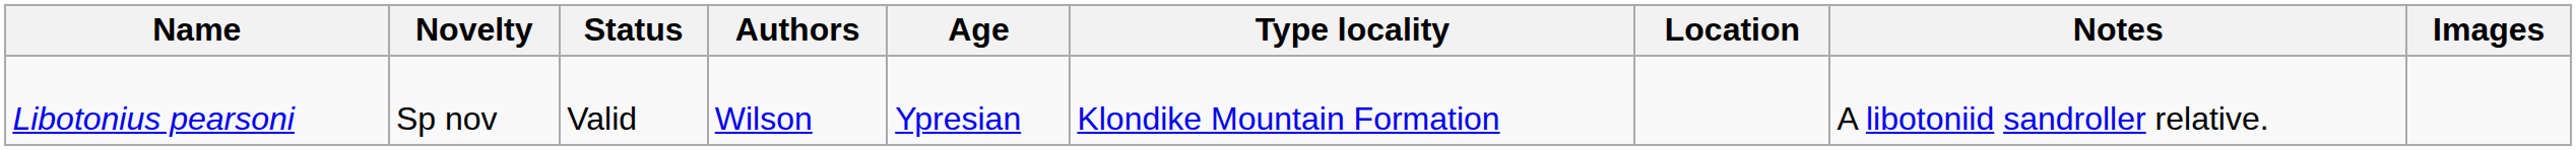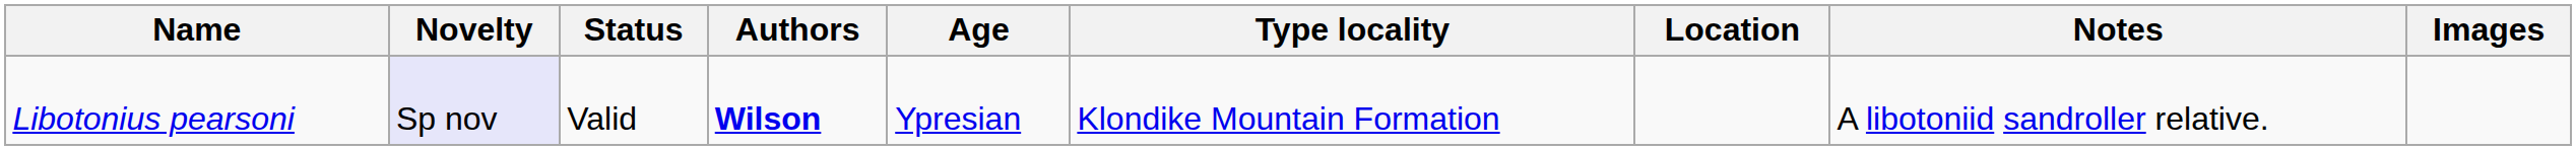 <table class="wikitable sortable" align="center" width="100%">
 <tr>
 <th>Name</th>
 <th>Novelty</th>
 <th>Status</th>
 <th>Authors</th>
 <th>Age</th>
 <th>Type locality</th>
 <th>Location</th>
 <th>Notes</th>
 <th>Images</th>
 </tr>
 <tr>
 <td><br><em><a href='#'>Libotonius pearsoni</a></em></td>
-<td><br>Sp nov</td>
+<td style="background: lavender;"><br>Sp nov</td>
 <td><br>Valid</td>
-<td><br><a href='#'>Wilson</a></td>
+<td><strong><br><a href='#'>Wilson</a></strong></td>
 <td><br><a href='#'>Ypresian</a></td>
 <td><br><a href='#'>Klondike Mountain Formation</a></td>
 <td><br><br></td>
 <td><br>A <a href='#'>libotoniid</a> <a href='#'>sandroller</a> relative.</td>
 <td><br></td>
 </tr>
 <tr>
 </tr>
 </table>
